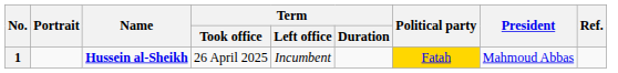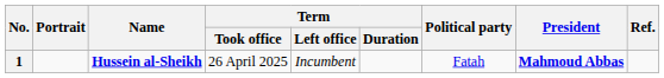 <table class="wikitable" style="text-align:center">
 <tr>
 <th rowspan="2">No.</th>
 <th rowspan="2">Portrait</th>
 <th rowspan="2">Name<br></th>
 <th colspan="3">Term</th>
 <th rowspan="2">Political party</th>
 <th rowspan="2"><a href='#'>President</a></th>
 <th rowspan="2">Ref.</th>
 </tr>
 <tr>
 <th>Took office</th>
 <th>Left office</th>
 <th>Duration</th>
 </tr>
 <tr>
 <th style="background-color:">1</th>
 <td></td>
 <td><strong><a href='#'>Hussein al-Sheikh</a></strong><br></td>
 <td>26 April 2025</td>
 <td><em>Incumbent</em></td>
 <td></td>
-<td style="background: gold;"><a href='#'>Fatah</a></td>
-<td><a href='#'>Mahmoud Abbas</a></td>
+<td><a href='#'>Fatah</a></td>
+<td><strong><a href='#'>Mahmoud Abbas</a></strong></td>
 <td></td>
 </tr>
 </table>
